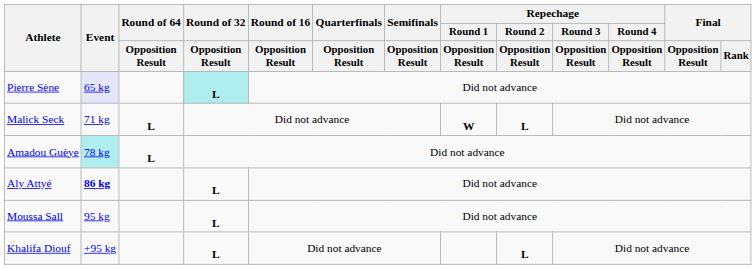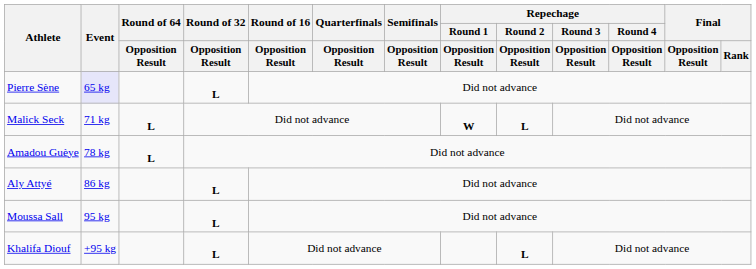 <table class="wikitable" style="font-size:90%">
 <tr>
 <th rowspan="3">Athlete</th>
 <th rowspan="3">Event</th>
 <th rowspan="2">Round of 64</th>
 <th rowspan="2">Round of 32</th>
 <th rowspan="2">Round of 16</th>
 <th rowspan="2">Quarterfinals</th>
 <th rowspan="2">Semifinals</th>
 <th colspan=4>Repechage</th>
 <th rowspan="2" colspan=2>Final</th>
 </tr>
 <tr style="font-size:95%">
 <th>Round 1</th>
 <th>Round 2</th>
 <th>Round 3</th>
 <th>Round 4</th>
 </tr>
 <tr style="font-size:95%">
 <th>Opposition<br>Result</th>
 <th>Opposition<br>Result</th>
 <th>Opposition<br>Result</th>
 <th>Opposition<br>Result</th>
 <th>Opposition<br>Result</th>
 <th>Opposition<br>Result</th>
 <th>Opposition<br>Result</th>
 <th>Opposition<br>Result</th>
 <th>Opposition<br>Result</th>
 <th>Opposition<br>Result</th>
 <th>Rank</th>
 </tr>
 <tr align=center>
 <td align=left><a href='#'>Pierre Sène</a></td>
 <td align=left style="background: lavender;"><a href='#'>65 kg</a></td>
 <td></td>
-<td style="background: paleturquoise;"><br><strong>L</strong></td>
+<td><br><strong>L</strong></td>
 <td colspan=9>Did not advance</td>
 </tr>
 <tr align=center>
 <td align=left><a href='#'>Malick Seck</a></td>
 <td align=left><a href='#'>71 kg</a></td>
 <td><br><strong>L</strong></td>
 <td colspan=4>Did not advance</td>
 <td><br><strong>W</strong></td>
 <td><br><strong>L</strong></td>
 <td colspan=4>Did not advance</td>
 </tr>
 <tr align=center>
 <td align=left><a href='#'>Amadou Guèye</a></td>
-<td align=left style="background: paleturquoise;"><a href='#'>78 kg</a></td>
+<td align=left><a href='#'>78 kg</a></td>
 <td><br><strong>L</strong></td>
 <td colspan=10>Did not advance</td>
 </tr>
 <tr align=center>
 <td align=left><a href='#'>Aly Attyé</a></td>
-<td align=left><strong><a href='#'>86 kg</a></strong></td>
+<td align=left><a href='#'>86 kg</a></td>
 <td></td>
 <td><br><strong>L</strong></td>
 <td colspan=9>Did not advance</td>
 </tr>
 <tr align=center>
 <td align=left><a href='#'>Moussa Sall</a></td>
 <td align=left><a href='#'>95 kg</a></td>
 <td></td>
 <td><br><strong>L</strong></td>
 <td colspan=9>Did not advance</td>
 </tr>
 <tr align=center>
 <td align=left><a href='#'>Khalifa Diouf</a></td>
 <td align=left><a href='#'>+95 kg</a></td>
 <td></td>
 <td><br><strong>L</strong></td>
 <td colspan=3>Did not advance</td>
 <td></td>
 <td><br><strong>L</strong></td>
 <td colspan=4>Did not advance</td>
 </tr>
 </table>
